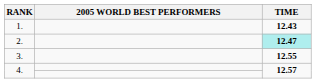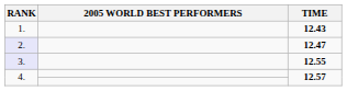 <table class="wikitable" style="font-size: 90%;">
 <tr>
 <th>RANK</th>
 <th align="center" style="width: 25em">2005 WORLD BEST PERFORMERS</th>
 <th align="center" style="width: 5em">TIME</th>
 </tr>
 <tr>
 <td align="center">1.</td>
 <td></td>
 <td align="center"><strong>12.43</strong></td>
 </tr>
 <tr>
-<td align="center">2.</td>
+<td align="center" style="background: lavender;">2.</td>
 <td></td>
-<td align="center" style="background: paleturquoise;"><strong>12.47</strong></td>
+<td align="center"><strong>12.47</strong></td>
 </tr>
 <tr>
-<td align="center">3.</td>
+<td align="center" style="background: lavender;">3.</td>
 <td></td>
 <td align="center"><strong>12.55</strong></td>
 </tr>
 <tr>
 <td rowspan=2 align="center">4.</td>
 <td></td>
 <td rowspan=2 align="center"><strong>12.57</strong></td>
 </tr>
 <tr>
 <td></td>
 </tr>
 </table>
